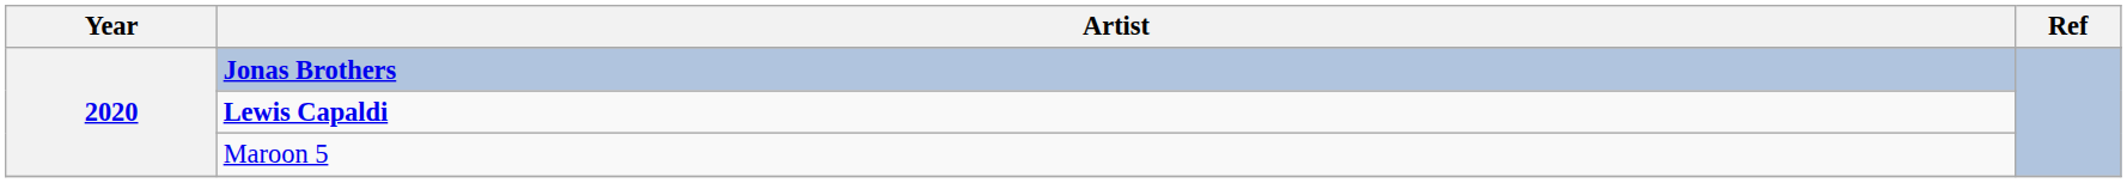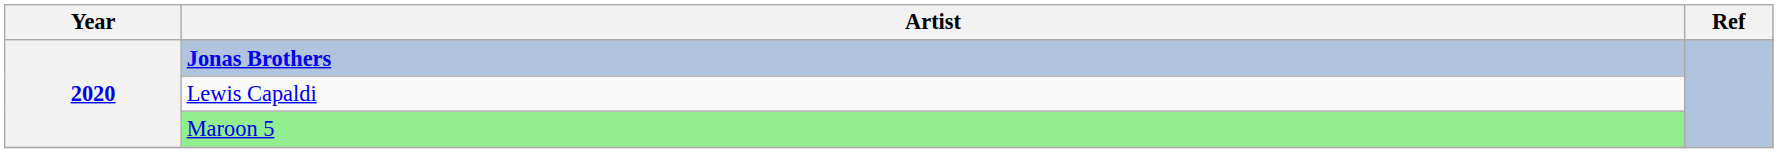 <table class="wikitable" width="100%">
 <tr>
 <th width="10%">Year</th>
 <th width="85%">Artist</th>
 <th width="5%">Ref</th>
 </tr>
 <tr>
 <th rowspan="4" align="center"><a href='#'>2020<br></a></th>
 </tr>
 <tr style="background:#B0C4DE">
 <td><strong><a href='#'>Jonas Brothers</a></strong></td>
 <td rowspan=3 align="center"></td>
 </tr>
 <tr>
-<td><strong><a href='#'>Lewis Capaldi</a></strong></td>
+<td><a href='#'>Lewis Capaldi</a></td>
 </tr>
 <tr>
-<td><a href='#'>Maroon 5</a></td>
+<td style="background: lightgreen;"><a href='#'>Maroon 5</a></td>
 </tr>
 <tr>
 </tr>
 </table>
